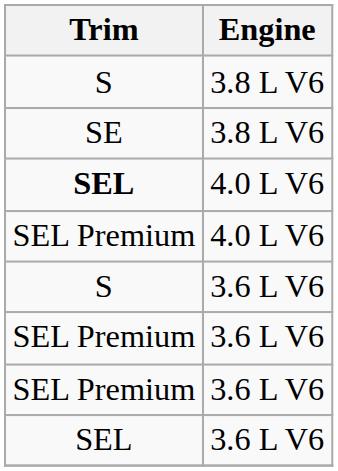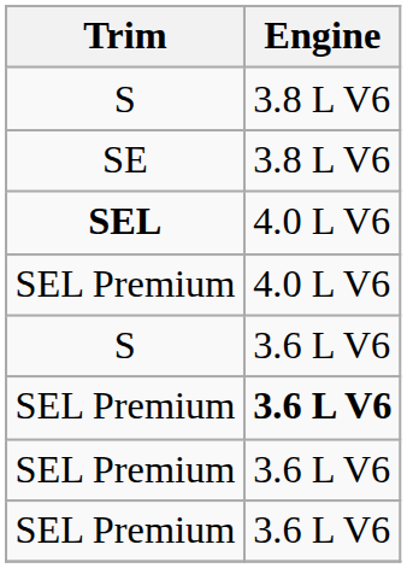 <table class="wikitable">
 <tr>
 <th align="center" valign="center">Trim</th>
 <th align="left" valign="center">Engine</th>
 </tr>
 <tr>
 <td align="center" valign="center">S</td>
 <td align="left" valign="center">3.8 L V6</td>
 </tr>
 <tr>
 <td align="center" valign="center">SE</td>
 <td align="left" valign="center">3.8 L V6</td>
 </tr>
 <tr>
 <td align="center" valign="center"><strong>SEL</strong></td>
 <td align="left" valign="center">4.0 L V6</td>
 </tr>
 <tr>
 <td align="center" valign="center">SEL Premium</td>
 <td align="left" valign="center">4.0 L V6</td>
 </tr>
 <tr>
 <td align="center" valign="center">S</td>
 <td align="left" valign="center">3.6 L V6</td>
 </tr>
 <tr>
 <td align="center" valign="center">SEL Premium</td>
+<td align="left" valign="center"><strong>3.6 L V6</strong></td>
+</tr>
+<tr>
+<td align="center" valign="center">SEL Premium</td>
 <td align="left" valign="center">3.6 L V6</td>
 </tr>
 <tr>
 <td align="center" valign="center">SEL Premium</td>
 <td align="left" valign="center">3.6 L V6</td>
 </tr>
 <tr>
-<td align="center" valign="center">SEL</td>
-<td align="left" valign="center">3.6 L V6</td>
-</tr>
-<tr>
 </tr>
 </table>
